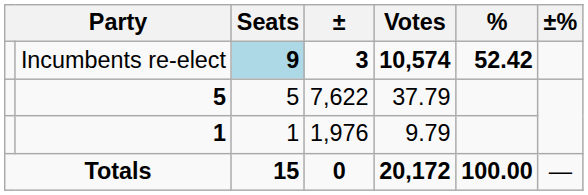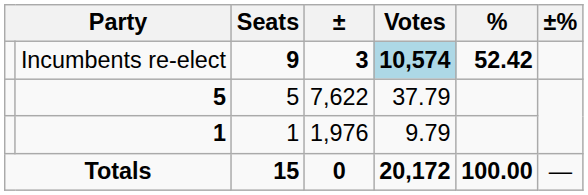 <table class=wikitable>
 <tr>
 <th colspan=2 align=center>Party</th>
 <th valign=top>Seats</th>
 <th valign=top>±</th>
 <th valign=top>Votes</th>
 <th valign=top>%</th>
 <th valign=top>±%</th>
 </tr>
 <tr>
 <td></td>
 <td>Incumbents re-elect</td>
-<td align=right style="background: lightblue;"><strong>9</strong></td>
+<td align=right><strong>9</strong></td>
 <td align=right><strong>3</strong></td>
-<td align=right><strong>10,574</strong></td>
+<td align=right style="background: lightblue;"><strong>10,574</strong></td>
 <td align=right><strong>52.42</strong></td>
 <td align=right></td>
 </tr>
 <tr>
 <td></td>
 <td align=right><strong>5</strong></td>
 <td align=right>5</td>
 <td align=right>7,622</td>
 <td align=right>37.79</td>
 <td align=right></td>
 </tr>
 <tr>
 <td></td>
 <td align=right><strong>1</strong></td>
 <td align=right>1</td>
 <td align=right>1,976</td>
 <td align=right>9.79</td>
 <td align=right></td>
 </tr>
 <tr>
 <td colspan=2 align=center><strong>Totals</strong></td>
 <td align=right><strong>15</strong></td>
 <td align=center><strong>0</strong></td>
 <td align=right><strong>20,172</strong></td>
 <td align=center><strong>100.00</strong></td>
 <td align=center>—</td>
 </tr>
 </table>
